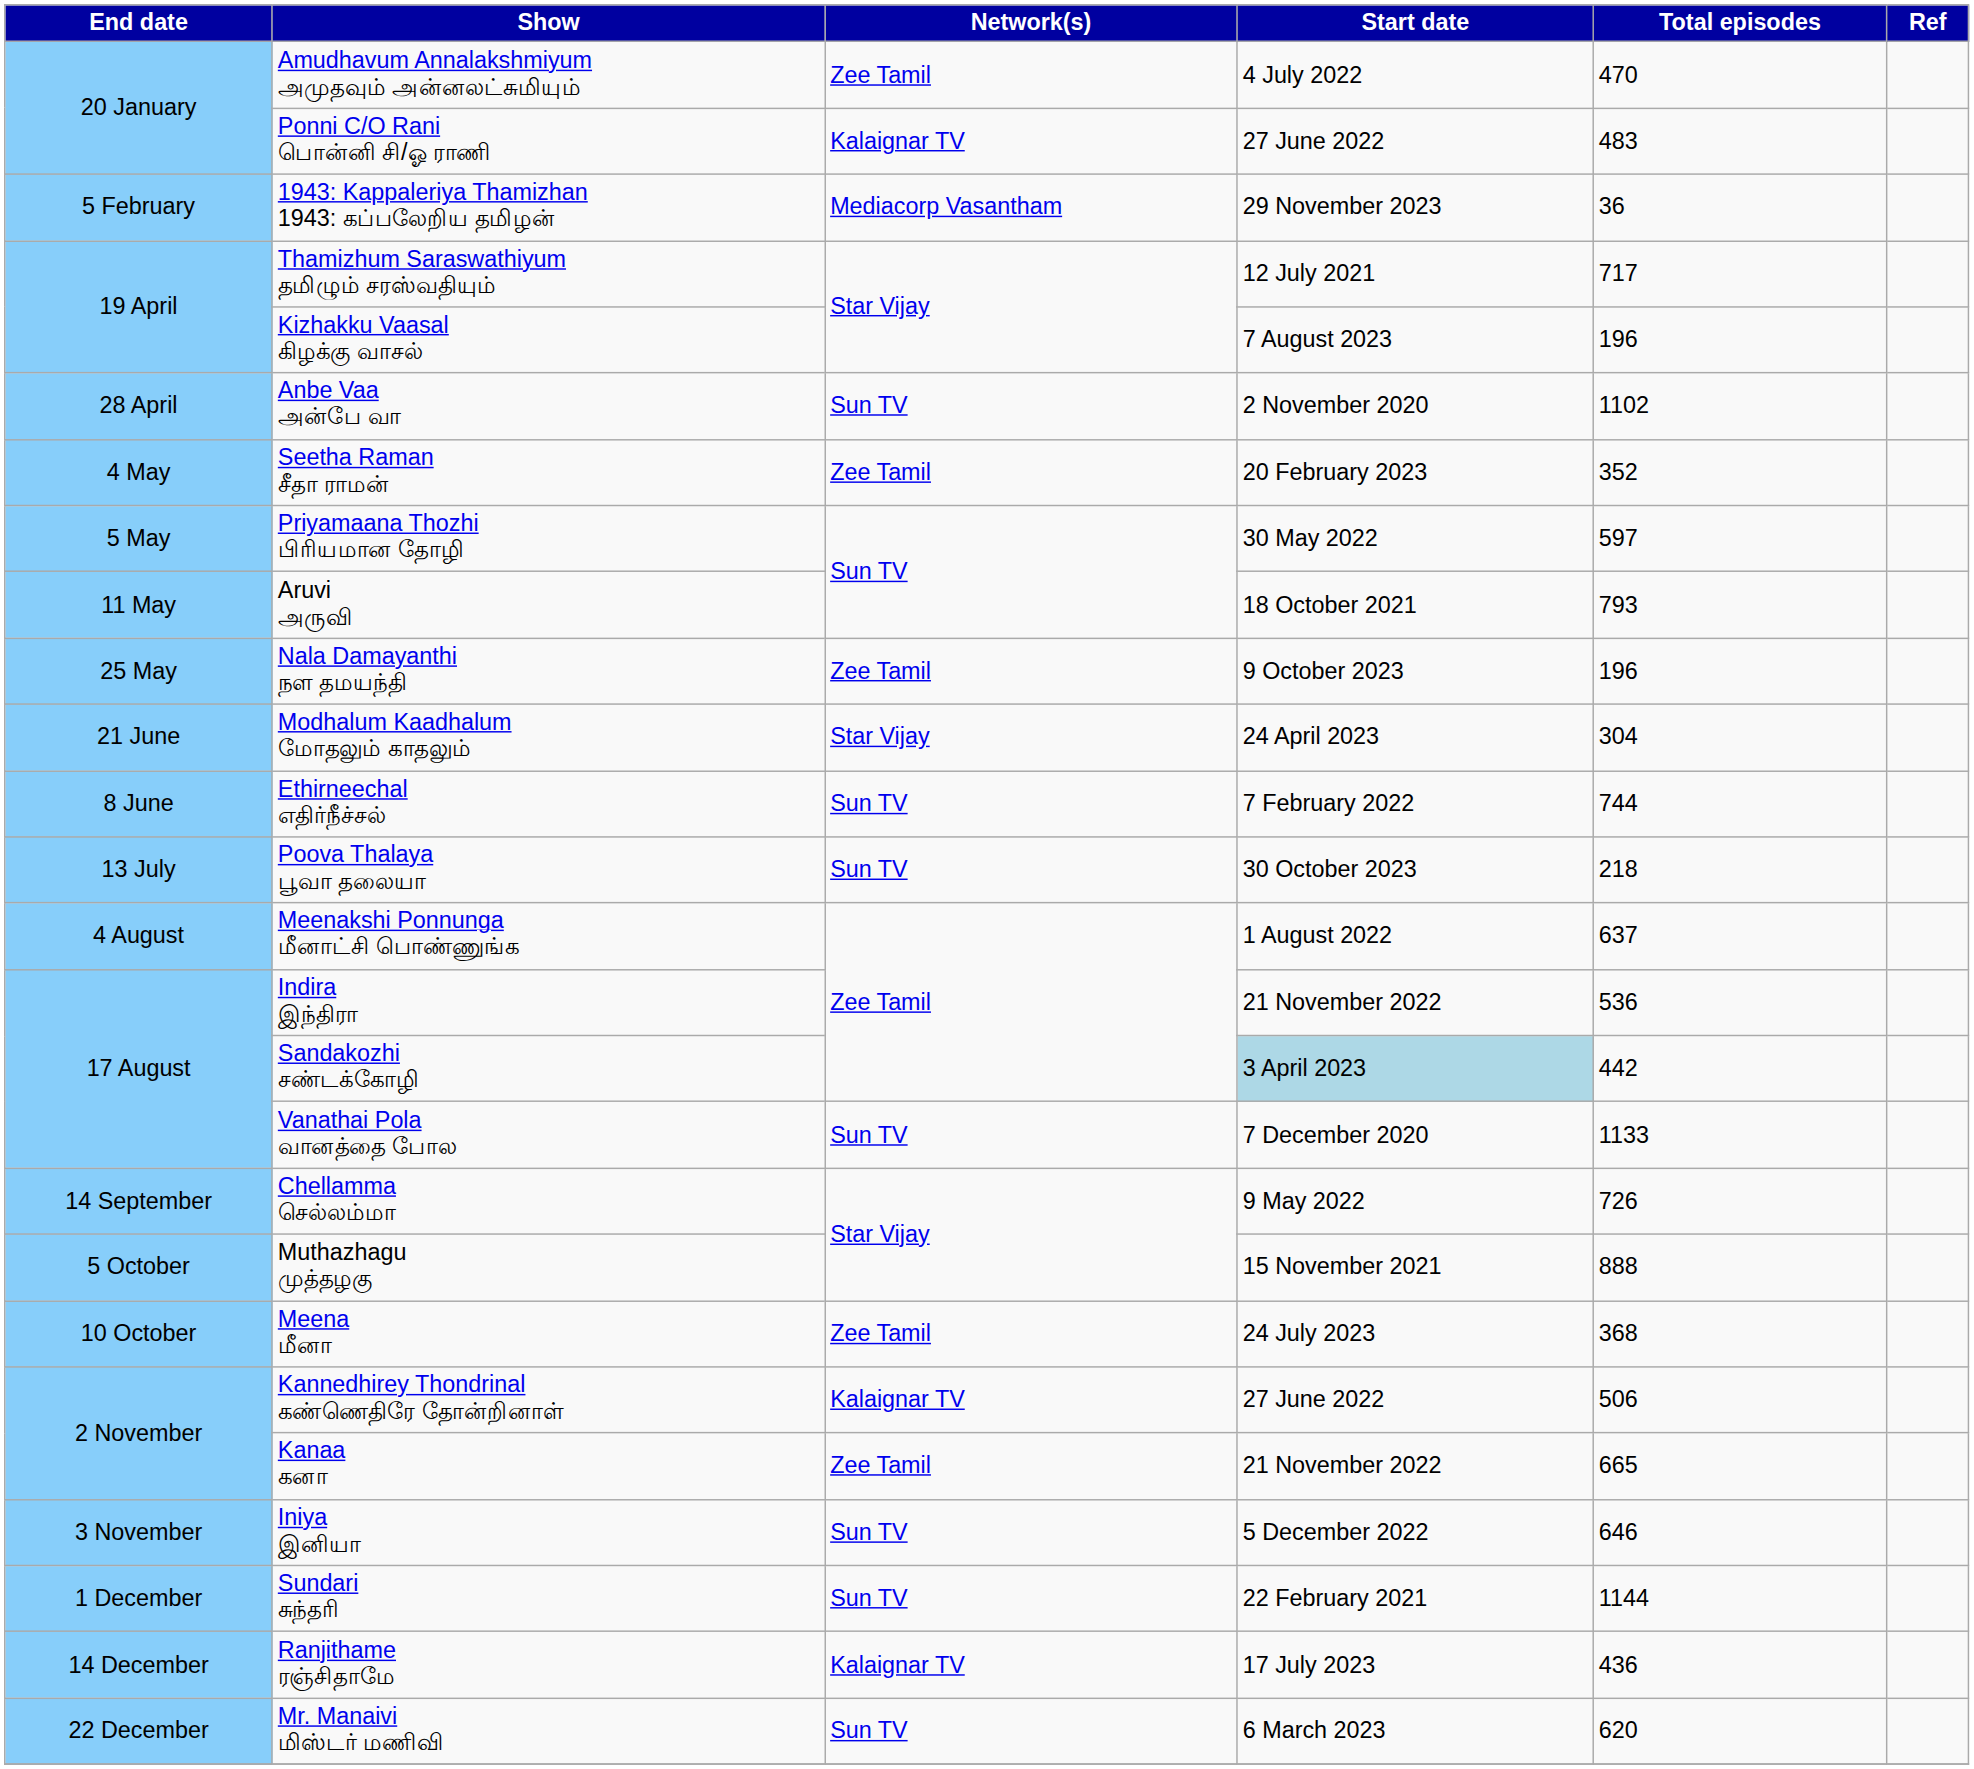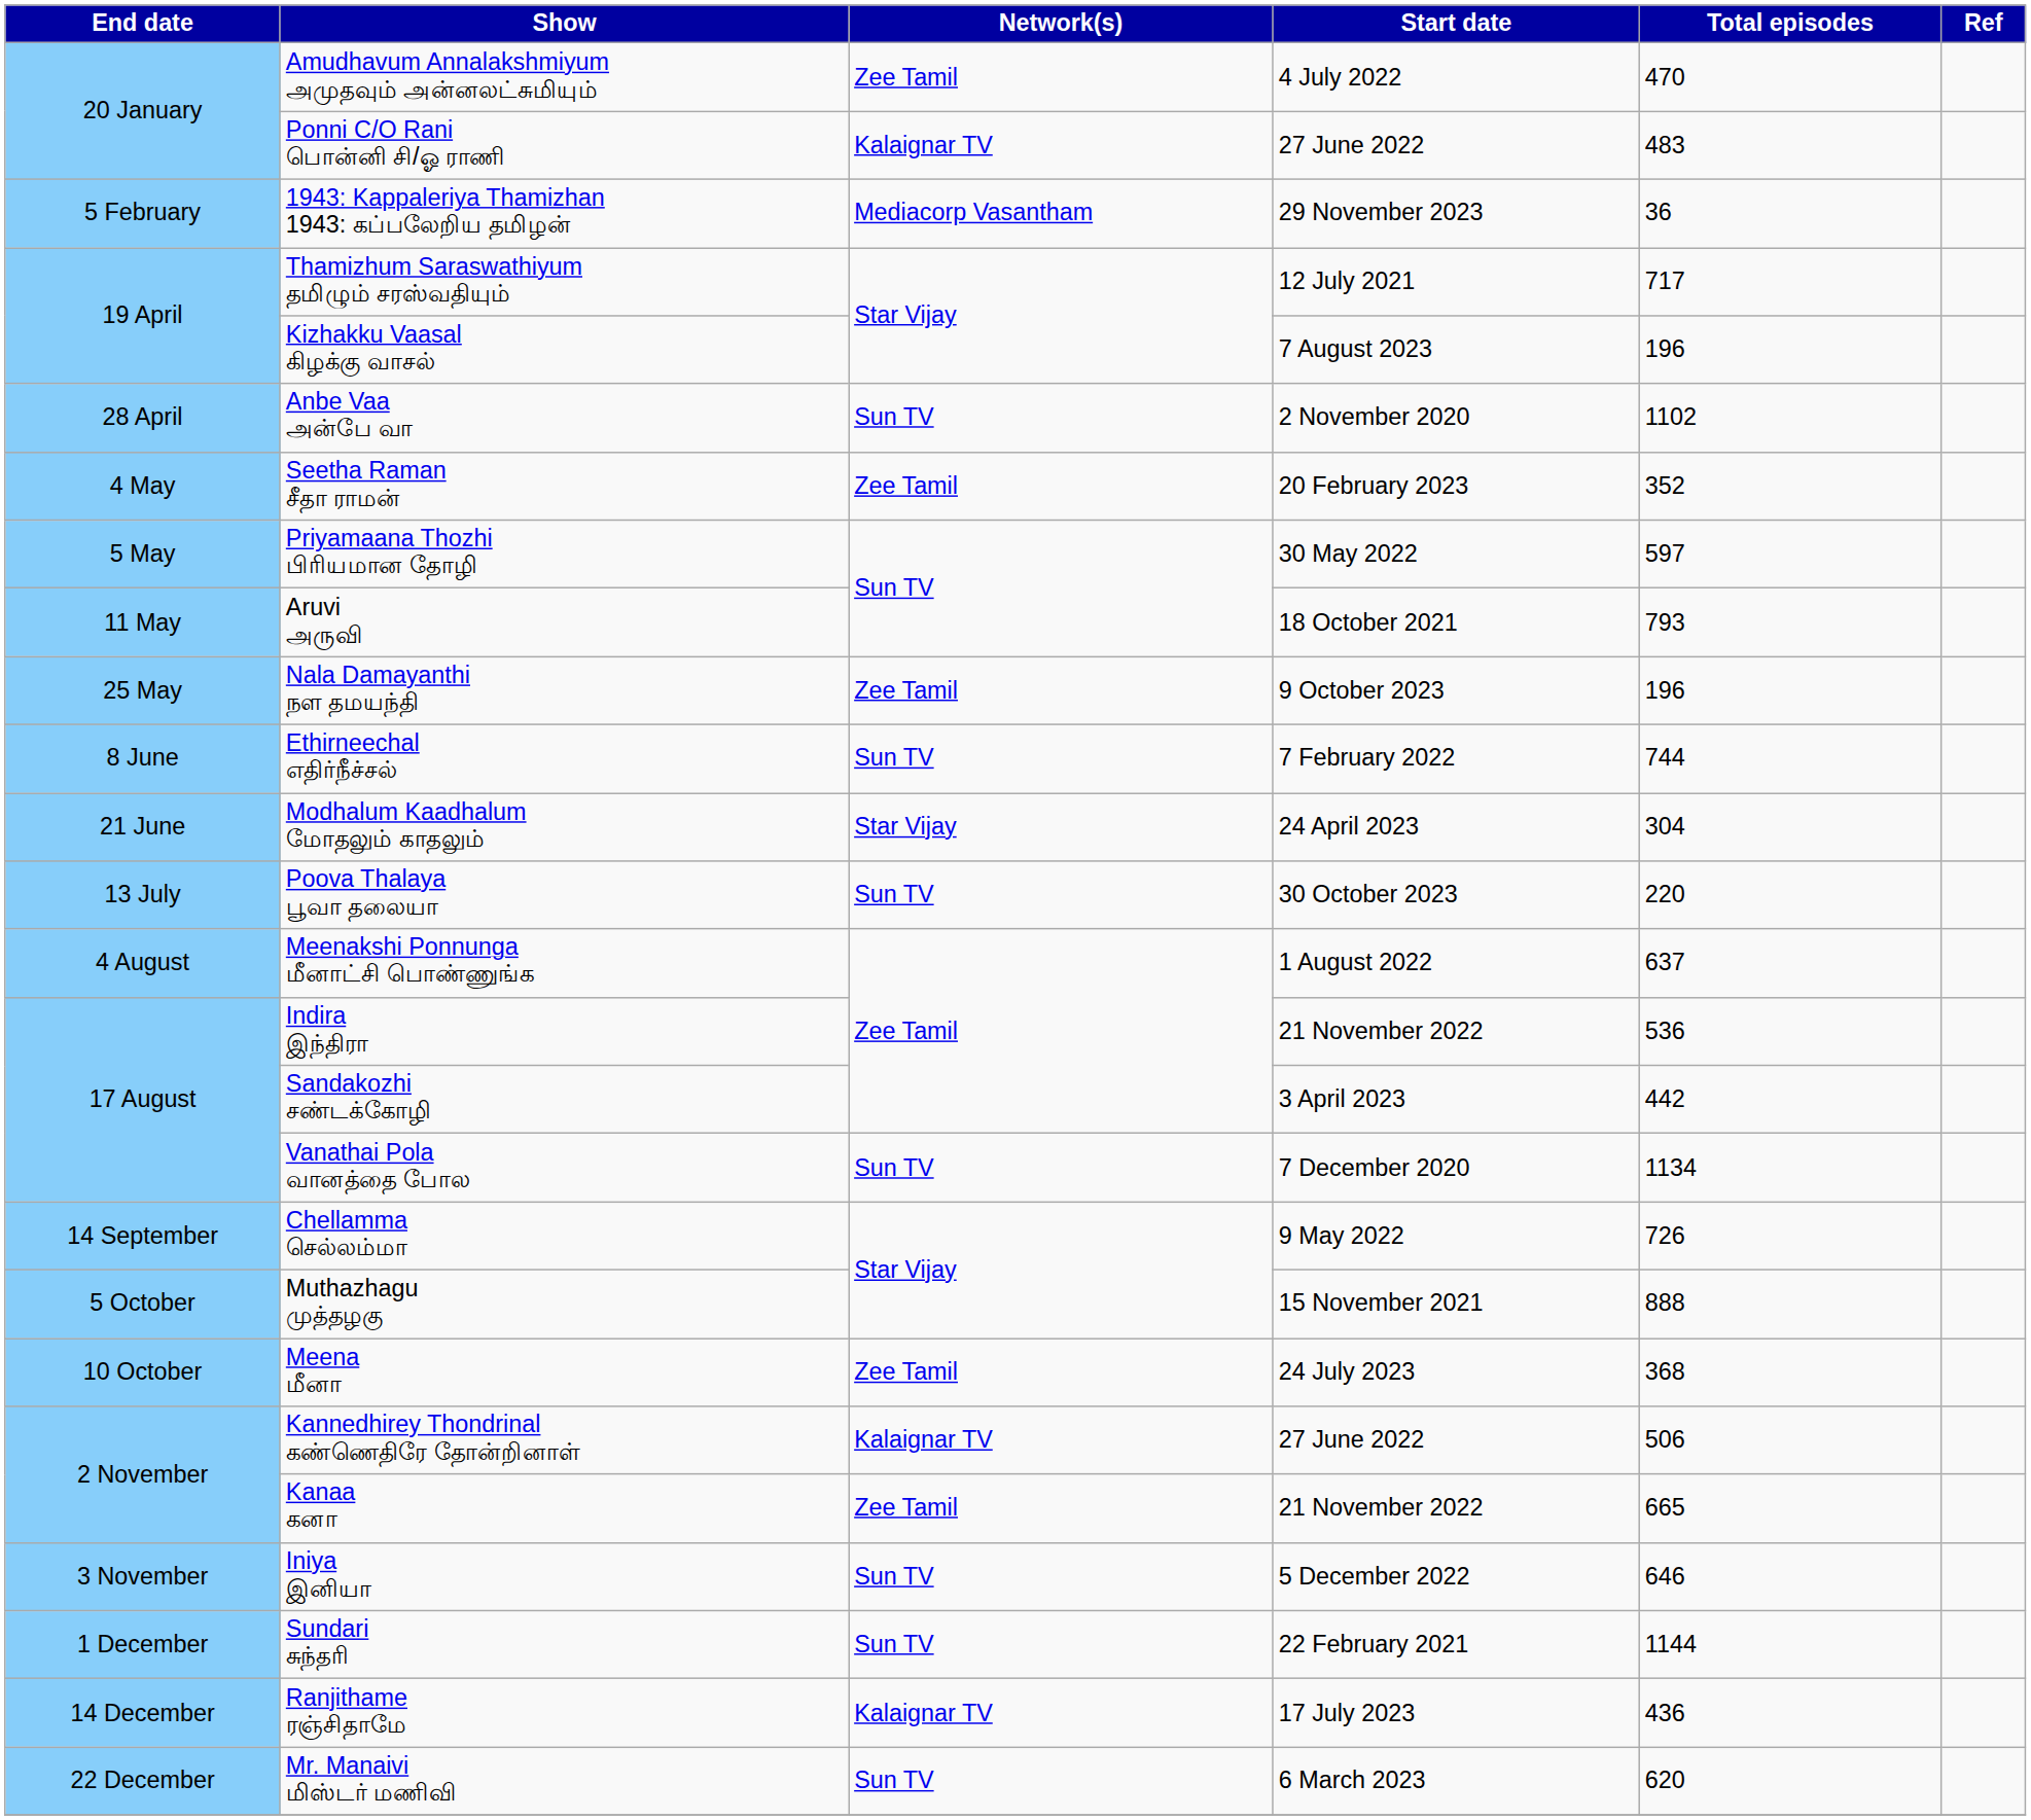 <table class="wikitable" width="85%">
 <tr>
 <th scope="col" style ="background: #0000A0 ;color:white">End date</th>
 <th scope="col" style ="background: #0000A0 ;color:white">Show</th>
 <th scope="col" style ="background: #0000A0 ;color:white">Network(s)</th>
 <th scope="col" style ="background: #0000A0 ;color:white">Start date</th>
 <th scope="col" style ="background: #0000A0 ;color:white">Total episodes</th>
 <th scope="col" style ="background: #0000A0 ;color:white">Ref</th>
 </tr>
 <tr>
 <td rowspan=2 style="text-align:center; background:#87CEFA; textcolor:#000;">20 January</td>
 <td><a href='#'>Amudhavum Annalakshmiyum</a> <br> அமுதவும் அன்னலட்சுமியும்</td>
 <td><a href='#'>Zee Tamil</a></td>
 <td>4 July 2022</td>
 <td>470</td>
 <td></td>
 </tr>
 <tr>
 <td><a href='#'>Ponni C/O Rani</a> <br> பொன்னி சி/ஓ ராணி</td>
 <td><a href='#'>Kalaignar TV</a></td>
 <td>27 June 2022</td>
 <td>483</td>
 <td></td>
 </tr>
 <tr>
 <td rowspan=1 style="text-align:center; background:#87CEFA; textcolor:#000;">5 February</td>
 <td><a href='#'>1943: Kappaleriya Thamizhan</a> <br> 1943: கப்பலேறிய தமிழன்</td>
 <td><a href='#'>Mediacorp Vasantham</a></td>
 <td>29 November 2023</td>
 <td>36</td>
 <td></td>
 </tr>
 <tr>
 <td rowspan=2 style="text-align:center; background:#87CEFA; textcolor:#000;">19 April</td>
 <td><a href='#'>Thamizhum Saraswathiyum</a> <br> தமிழும் சரஸ்வதியும்</td>
 <td rowspan=2><a href='#'>Star Vijay</a></td>
 <td>12 July 2021</td>
 <td>717</td>
 <td></td>
 </tr>
 <tr>
 <td><a href='#'>Kizhakku Vaasal</a> <br> கிழக்கு வாசல்</td>
 <td>7 August 2023</td>
 <td>196</td>
 <td></td>
 </tr>
 <tr>
 <td rowspan=1 style="text-align:center; background:#87CEFA; textcolor:#000;">28 April</td>
 <td><a href='#'>Anbe Vaa</a> <br> அன்பே வா</td>
 <td><a href='#'>Sun TV</a></td>
 <td>2 November 2020</td>
 <td>1102</td>
 <td></td>
 </tr>
 <tr>
 <td rowspan=1 style="text-align:center; background:#87CEFA; textcolor:#000;">4 May</td>
 <td><a href='#'>Seetha Raman</a> <br> சீதா ராமன்</td>
 <td><a href='#'>Zee Tamil</a></td>
 <td>20 February 2023</td>
 <td>352</td>
 <td></td>
 </tr>
 <tr>
 <td rowspan=1 style="text-align:center; background:#87CEFA; textcolor:#000;">5 May</td>
 <td><a href='#'>Priyamaana Thozhi</a> <br> பிரியமான தோழி</td>
 <td rowspan=2><a href='#'>Sun TV</a></td>
 <td>30 May 2022</td>
 <td>597</td>
 <td></td>
 </tr>
 <tr>
 <td rowspan=1 style="text-align:center; background:#87CEFA; textcolor:#000;">11 May</td>
 <td>Aruvi <br> அருவி</td>
 <td>18 October 2021</td>
 <td>793</td>
 <td></td>
 </tr>
 <tr>
 <td rowspan=1 style="text-align:center; background:#87CEFA; textcolor:#000;">25 May</td>
 <td><a href='#'>Nala Damayanthi</a> <br> நள தமயந்தி</td>
 <td><a href='#'>Zee Tamil</a></td>
 <td>9 October 2023</td>
 <td>196</td>
 <td></td>
 </tr>
 <tr>
+<td rowspan=1 style="text-align:center; background:#87CEFA; textcolor:#000;">8 June</td>
+<td><a href='#'>Ethirneechal</a> <br> எதிர்நீச்சல்</td>
+<td><a href='#'>Sun TV</a></td>
+<td>7 February 2022</td>
+<td>744</td>
+<td></td>
+</tr>
+<tr>
 <td rowspan=1 style="text-align:center; background:#87CEFA; textcolor:#000;">21 June</td>
 <td><a href='#'>Modhalum Kaadhalum</a> <br> மோதலும் காதலும்</td>
 <td><a href='#'>Star Vijay</a></td>
 <td>24 April 2023</td>
 <td>304</td>
 <td></td>
 </tr>
 <tr>
-<td rowspan=1 style="text-align:center; background:#87CEFA; textcolor:#000;">8 June</td>
-<td><a href='#'>Ethirneechal</a> <br> எதிர்நீச்சல்</td>
-<td><a href='#'>Sun TV</a></td>
-<td>7 February 2022</td>
-<td>744</td>
-<td></td>
-</tr>
-<tr>
 <td rowspan=1 style="text-align:center; background:#87CEFA; textcolor:#000;">13 July</td>
 <td><a href='#'>Poova Thalaya</a> <br> பூவா தலையா</td>
 <td><a href='#'>Sun TV</a></td>
 <td>30 October 2023</td>
-<td>218</td>
+<td>220</td>
 <td></td>
 </tr>
 <tr>
 <td rowspan=1 style="text-align:center; background:#87CEFA; textcolor:#000;">4 August</td>
 <td><a href='#'>Meenakshi Ponnunga</a> <br> மீனாட்சி பொண்ணுங்க</td>
 <td rowspan=3><a href='#'>Zee Tamil</a></td>
 <td>1 August 2022</td>
 <td>637</td>
 <td></td>
 </tr>
 <tr>
 <td rowspan=3 style="text-align:center; background:#87CEFA; textcolor:#000;">17 August</td>
 <td><a href='#'>Indira</a> <br> இந்திரா</td>
 <td>21 November 2022</td>
 <td>536</td>
 <td></td>
 </tr>
 <tr>
 <td><a href='#'>Sandakozhi</a> <br> சண்டக்கோழி</td>
-<td style="background: lightblue;">3 April 2023</td>
+<td>3 April 2023</td>
 <td>442</td>
 <td></td>
 </tr>
 <tr>
 <td><a href='#'>Vanathai Pola</a> <br> வானத்தை போல</td>
 <td><a href='#'>Sun TV</a></td>
 <td>7 December 2020</td>
-<td>1133</td>
+<td>1134</td>
 <td></td>
 </tr>
 <tr>
 <td rowspan=1 style="text-align:center; background:#87CEFA; textcolor:#000;">14 September</td>
 <td><a href='#'>Chellamma</a> <br> செல்லம்மா</td>
 <td rowspan=2><a href='#'>Star Vijay</a></td>
 <td>9 May 2022</td>
 <td>726</td>
 <td></td>
 </tr>
 <tr>
 <td rowspan=1 style="text-align:center; background:#87CEFA; textcolor:#000;">5 October</td>
 <td>Muthazhagu <br> முத்தழகு</td>
 <td>15 November 2021</td>
 <td>888</td>
 <td></td>
 </tr>
 <tr>
 <td rowspan=1 style="text-align:center; background:#87CEFA; textcolor:#000;">10 October</td>
 <td><a href='#'>Meena</a> <br> மீனா</td>
 <td><a href='#'>Zee Tamil</a></td>
 <td>24 July 2023</td>
 <td>368</td>
 <td></td>
 </tr>
 <tr>
 <td rowspan=2 style="text-align:center; background:#87CEFA; textcolor:#000;">2 November</td>
 <td><a href='#'>Kannedhirey Thondrinal</a> <br> கண்ணெதிரே தோன்றினாள்</td>
 <td><a href='#'>Kalaignar TV</a></td>
 <td>27 June 2022</td>
 <td>506</td>
 <td></td>
 </tr>
 <tr>
 <td><a href='#'>Kanaa</a> <br> கனா</td>
 <td><a href='#'>Zee Tamil</a></td>
 <td>21 November 2022</td>
 <td>665</td>
 <td></td>
 </tr>
 <tr>
 <td rowspan=1 style="text-align:center; background:#87CEFA; textcolor:#000;">3 November</td>
 <td><a href='#'>Iniya</a> <br> இனியா</td>
 <td><a href='#'>Sun TV</a></td>
 <td>5 December 2022</td>
 <td>646</td>
 <td></td>
 </tr>
 <tr>
 <td rowspan=1 style="text-align:center; background:#87CEFA; textcolor:#000;">1 December</td>
 <td><a href='#'>Sundari</a> <br> சுந்தரி</td>
 <td><a href='#'>Sun TV</a></td>
 <td>22 February 2021</td>
 <td>1144</td>
 <td></td>
 </tr>
 <tr>
 <td rowspan=1 style="text-align:center; background:#87CEFA; textcolor:#000;">14 December</td>
 <td><a href='#'>Ranjithame</a> <br> ரஞ்சிதாமே</td>
 <td><a href='#'>Kalaignar TV</a></td>
 <td>17 July 2023</td>
 <td>436</td>
 <td></td>
 </tr>
 <tr>
 <td rowspan=1 style="text-align:center; background:#87CEFA; textcolor:#000;">22 December</td>
 <td><a href='#'>Mr. Manaivi</a> <br> மிஸ்டர் மணிவி</td>
 <td><a href='#'>Sun TV</a></td>
 <td>6 March 2023</td>
 <td>620</td>
 <td></td>
 </tr>
 <tr>
 </tr>
 </table>
